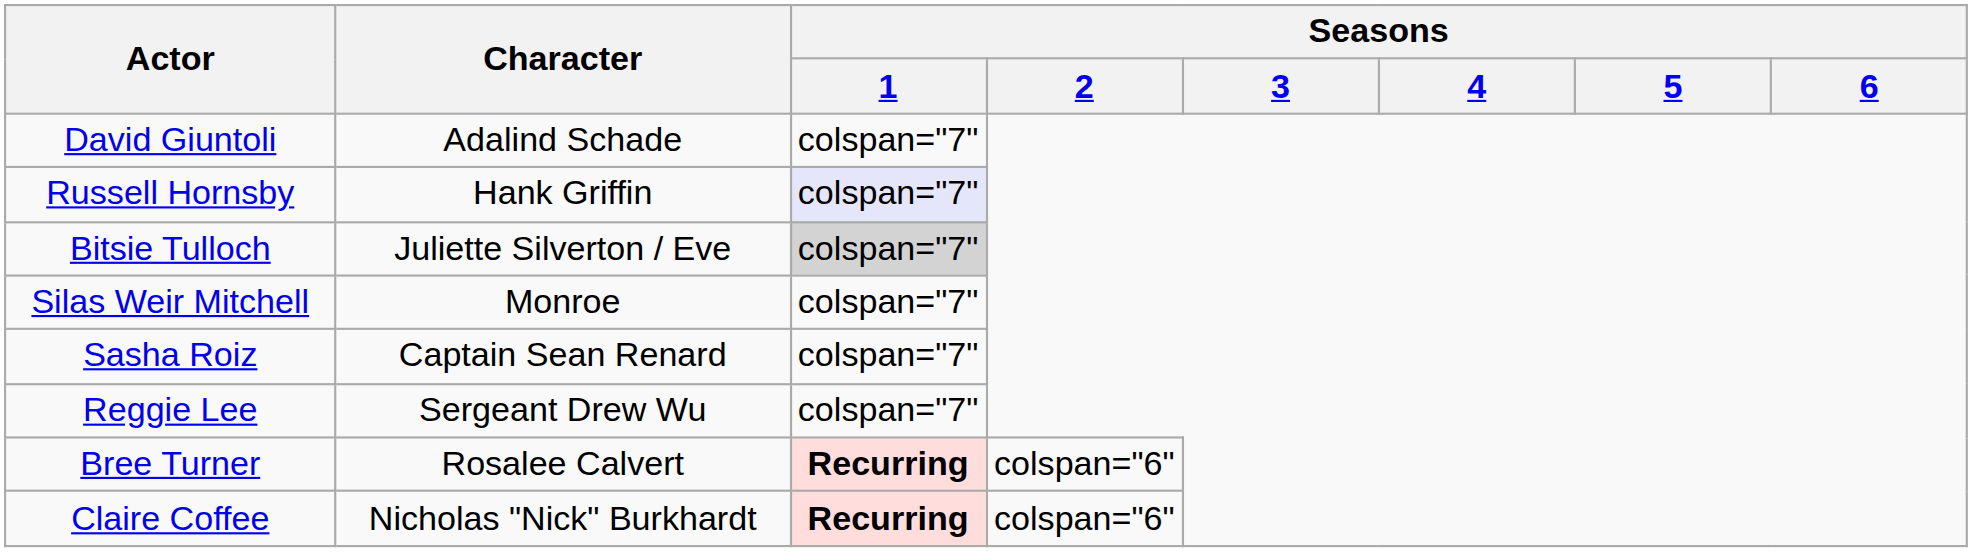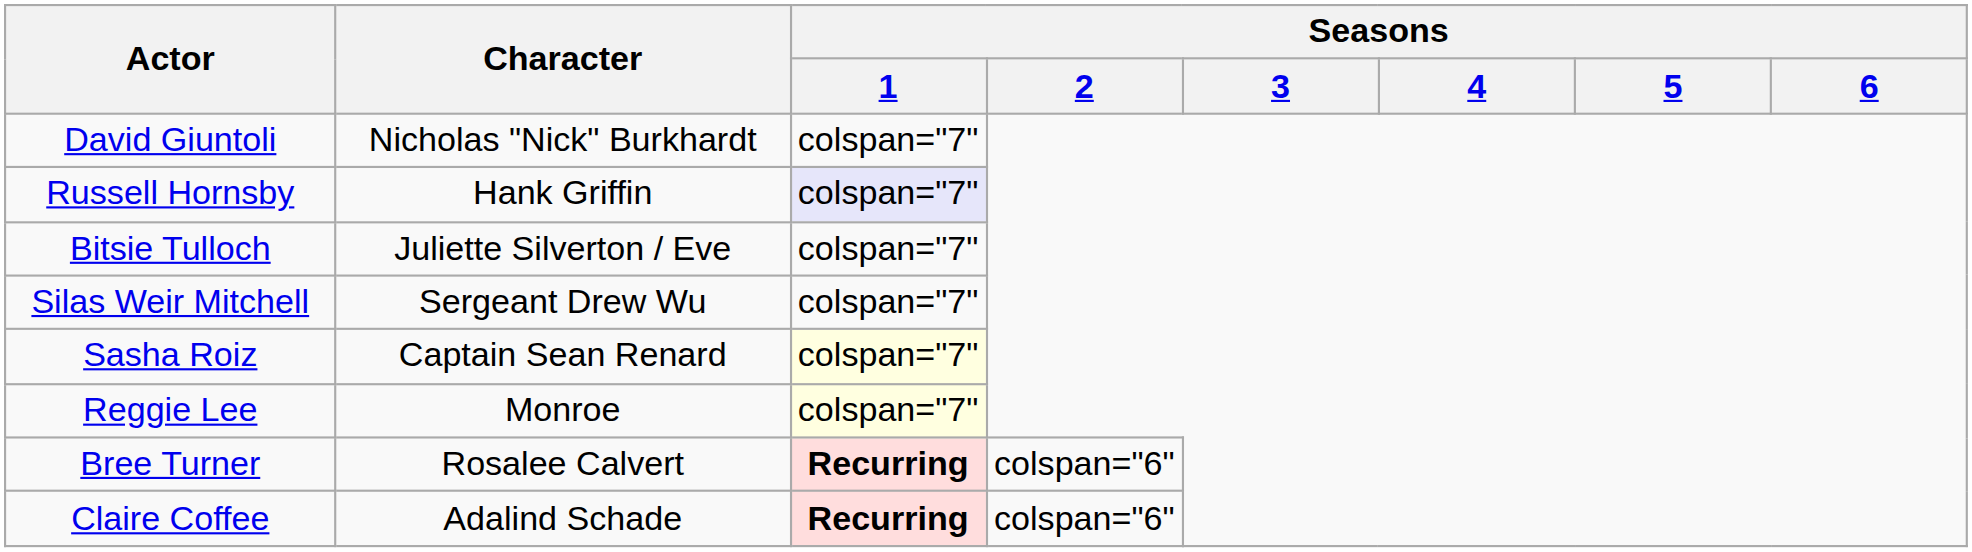 <table class="wikitable">
 <tr>
 <th rowspan="2">Actor</th>
 <th rowspan="2">Character</th>
 <th colspan="7">Seasons</th>
 </tr>
 <tr>
 <th style="width:10%;"><a href='#'>1</a></th>
 <th style="width:10%;" colspan="2"><a href='#'>2</a></th>
 <th style="width:10%;"><a href='#'>3</a></th>
 <th style="width:10%;"><a href='#'>4</a></th>
 <th style="width:10%;"><a href='#'>5</a></th>
 <th style="width:10%;"><a href='#'>6</a></th>
 </tr>
 <tr>
 <td style="text-align:center;"><a href='#'>David Giuntoli</a></td>
-<td style="text-align:center;">Adalind Schade</td>
+<td style="text-align:center;">Nicholas "Nick" Burkhardt</td>
 <td>colspan="7" </td>
 </tr>
 <tr>
 <td style="text-align:center;"><a href='#'>Russell Hornsby</a></td>
 <td style="text-align:center;">Hank Griffin</td>
 <td style="background: lavender;">colspan="7" </td>
 </tr>
 <tr>
 <td style="text-align:center;"><a href='#'>Bitsie Tulloch</a></td>
 <td style="text-align:center;">Juliette Silverton / Eve</td>
-<td style="background: lightgrey;">colspan="7" </td>
+<td>colspan="7" </td>
 </tr>
 <tr>
 <td style="text-align:center;"><a href='#'>Silas Weir Mitchell</a></td>
-<td style="text-align:center;">Monroe</td>
+<td style="text-align:center;">Sergeant Drew Wu</td>
 <td>colspan="7" </td>
 </tr>
 <tr>
 <td style="text-align:center;"><a href='#'>Sasha Roiz</a></td>
 <td style="text-align:center;">Captain Sean Renard</td>
-<td>colspan="7" </td>
+<td style="background: lightyellow;">colspan="7" </td>
 </tr>
 <tr>
 <td style="text-align:center;"><a href='#'>Reggie Lee</a></td>
-<td style="text-align:center;">Sergeant Drew Wu</td>
-<td>colspan="7" </td>
+<td style="text-align:center;">Monroe</td>
+<td style="background: lightyellow;">colspan="7" </td>
 </tr>
 <tr>
 <td style="text-align:center;"><a href='#'>Bree Turner</a></td>
 <td style="text-align:center;">Rosalee Calvert</td>
 <td style="background:#fdd; text-align:center;"><strong>Recurring</strong></td>
 <td>colspan="6" </td>
 </tr>
 <tr>
 <td style="text-align:center;"><a href='#'>Claire Coffee</a></td>
-<td style="text-align:center;">Nicholas "Nick" Burkhardt</td>
+<td style="text-align:center;">Adalind Schade</td>
 <td style="background:#fdd; text-align:center;"><strong>Recurring</strong></td>
 <td>colspan="6" </td>
 </tr>
 </table>
